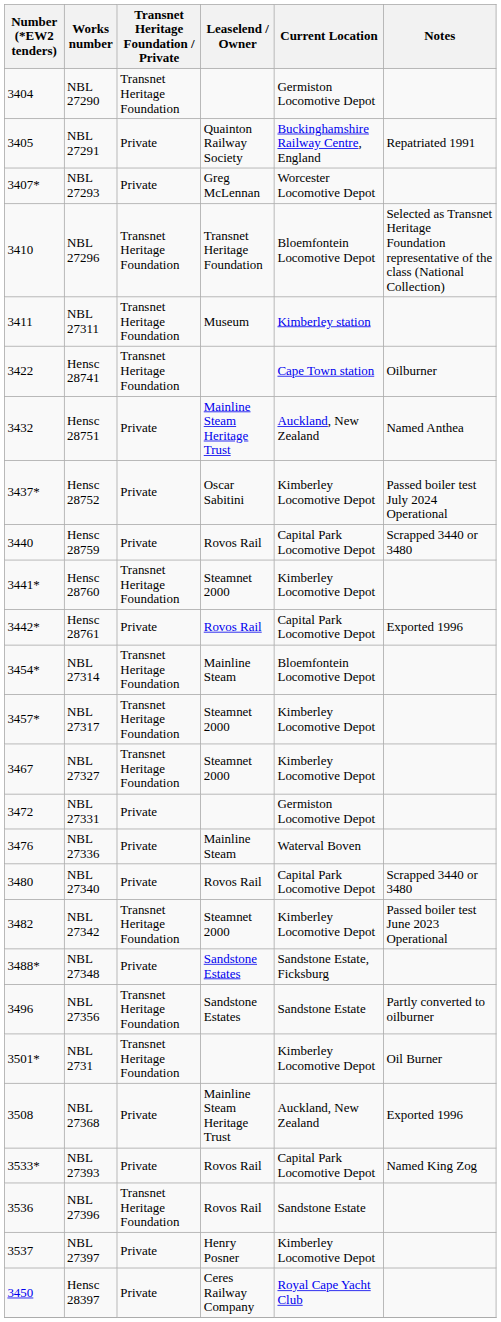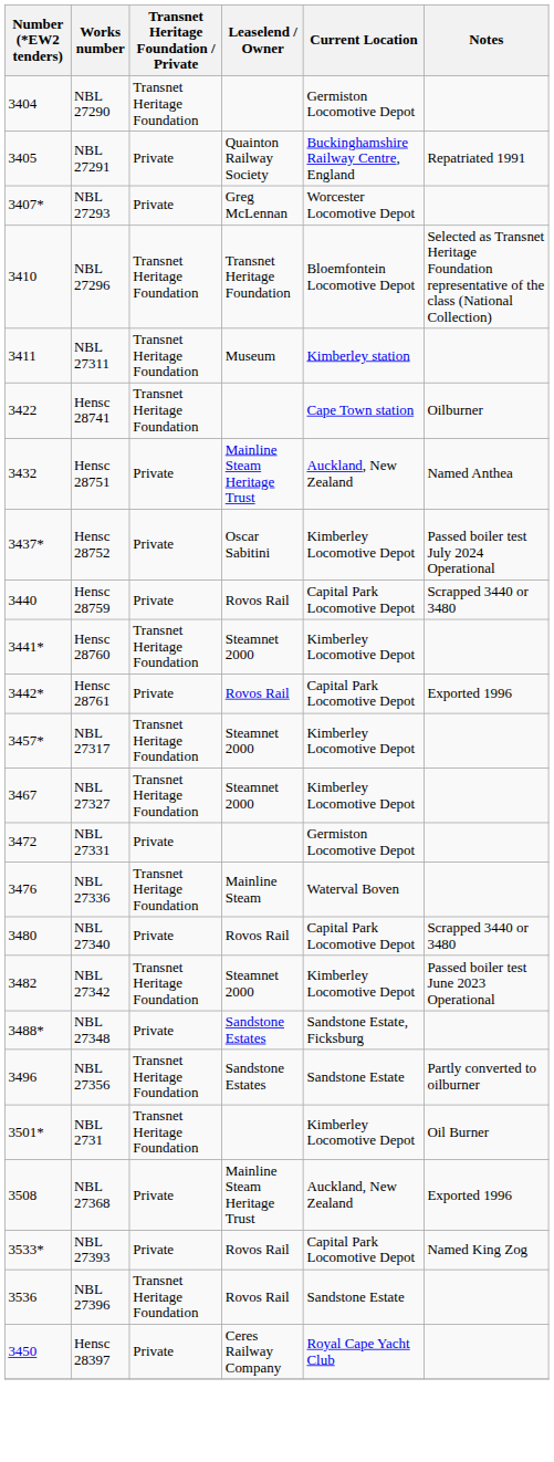 <table class="wikitable">
 <tr>
 <th>Number (*EW2 tenders)</th>
 <th>Works number</th>
 <th>Transnet Heritage Foundation / Private</th>
 <th>Leaselend / Owner</th>
 <th>Current Location</th>
 <th>Notes</th>
 </tr>
 <tr>
 <td>3404</td>
 <td>NBL 27290</td>
 <td>Transnet Heritage Foundation</td>
 <td></td>
 <td>Germiston Locomotive Depot</td>
 <td></td>
 </tr>
 <tr>
 <td>3405</td>
 <td>NBL 27291</td>
 <td>Private</td>
 <td>Quainton Railway Society</td>
 <td><a href='#'>Buckinghamshire Railway Centre</a>, England</td>
 <td>Repatriated 1991</td>
 </tr>
 <tr>
 <td>3407*</td>
 <td>NBL 27293</td>
 <td>Private</td>
 <td>Greg McLennan</td>
 <td>Worcester Locomotive Depot</td>
 <td></td>
 </tr>
 <tr>
 <td>3410</td>
 <td>NBL 27296</td>
 <td>Transnet Heritage Foundation</td>
 <td>Transnet Heritage Foundation</td>
 <td>Bloemfontein Locomotive Depot</td>
 <td>Selected as Transnet Heritage Foundation representative of the class (National Collection)</td>
 </tr>
 <tr>
 <td>3411</td>
 <td>NBL 27311</td>
 <td>Transnet Heritage Foundation</td>
 <td>Museum</td>
 <td><a href='#'>Kimberley station</a></td>
 <td></td>
 </tr>
 <tr>
 <td>3422</td>
 <td>Hensc 28741</td>
 <td>Transnet Heritage Foundation</td>
 <td></td>
 <td><a href='#'> Cape Town station</a></td>
 <td>Oilburner</td>
 </tr>
 <tr>
 <td>3432</td>
 <td>Hensc 28751</td>
 <td>Private</td>
 <td><a href='#'>Mainline Steam Heritage Trust</a></td>
 <td><a href='#'>Auckland</a>, New Zealand</td>
 <td>Named Anthea</td>
 </tr>
 <tr>
 <td>3437*</td>
 <td>Hensc 28752</td>
 <td>Private</td>
 <td>Oscar Sabitini</td>
 <td>Kimberley Locomotive Depot</td>
 <td><br>Passed boiler test July 2024 Operational</td>
 </tr>
 <tr>
 <td>3440</td>
 <td>Hensc 28759</td>
 <td>Private</td>
 <td>Rovos Rail</td>
 <td>Capital Park Locomotive Depot</td>
 <td>Scrapped 3440 or 3480</td>
 </tr>
 <tr>
 <td>3441*</td>
 <td>Hensc 28760</td>
 <td>Transnet Heritage Foundation</td>
 <td>Steamnet 2000</td>
 <td>Kimberley Locomotive Depot</td>
 <td></td>
 </tr>
 <tr>
 <td>3442*</td>
 <td>Hensc 28761</td>
 <td>Private</td>
 <td><a href='#'>Rovos Rail</a></td>
 <td>Capital Park Locomotive Depot</td>
 <td>Exported 1996</td>
 </tr>
 <tr>
-<td>3454*</td>
-<td>NBL 27314</td>
-<td>Transnet Heritage Foundation</td>
-<td>Mainline Steam</td>
-<td>Bloemfontein Locomotive Depot</td>
-<td></td>
-</tr>
-<tr>
 <td>3457*</td>
 <td>NBL 27317</td>
 <td>Transnet Heritage Foundation</td>
 <td>Steamnet 2000</td>
 <td>Kimberley Locomotive Depot</td>
 <td></td>
 </tr>
 <tr>
 <td>3467</td>
 <td>NBL 27327</td>
 <td>Transnet Heritage Foundation</td>
 <td>Steamnet 2000</td>
 <td>Kimberley Locomotive Depot</td>
 <td></td>
 </tr>
 <tr>
 <td>3472</td>
 <td>NBL 27331</td>
 <td>Private</td>
 <td></td>
 <td>Germiston Locomotive Depot</td>
 <td></td>
 </tr>
 <tr>
 <td>3476</td>
 <td>NBL 27336</td>
-<td>Private</td>
+<td>Transnet Heritage Foundation</td>
 <td>Mainline Steam</td>
 <td>Waterval Boven</td>
 <td></td>
 </tr>
 <tr>
 <td>3480</td>
 <td>NBL 27340</td>
 <td>Private</td>
 <td>Rovos Rail</td>
 <td>Capital Park Locomotive Depot</td>
 <td>Scrapped  3440 or 3480</td>
 </tr>
 <tr>
 <td>3482</td>
 <td>NBL 27342</td>
 <td>Transnet Heritage Foundation</td>
 <td>Steamnet 2000</td>
 <td>Kimberley Locomotive Depot</td>
 <td>Passed boiler test June 2023<br>Operational</td>
 </tr>
 <tr>
 <td>3488*</td>
 <td>NBL 27348</td>
 <td>Private</td>
 <td><a href='#'>Sandstone Estates</a></td>
 <td>Sandstone Estate, Ficksburg</td>
 <td></td>
 </tr>
 <tr>
 <td>3496</td>
 <td>NBL 27356</td>
 <td>Transnet Heritage Foundation</td>
 <td>Sandstone Estates</td>
 <td>Sandstone Estate</td>
 <td>Partly converted to oilburner</td>
 </tr>
 <tr>
 <td>3501*</td>
 <td>NBL 2731</td>
 <td>Transnet Heritage Foundation</td>
 <td></td>
 <td>Kimberley Locomotive Depot</td>
 <td>Oil Burner</td>
 </tr>
 <tr>
 <td>3508</td>
 <td>NBL 27368</td>
 <td>Private</td>
 <td>Mainline Steam Heritage Trust</td>
 <td>Auckland, New Zealand</td>
 <td>Exported 1996</td>
 </tr>
 <tr>
 <td>3533*</td>
 <td>NBL 27393</td>
 <td>Private</td>
 <td>Rovos Rail</td>
 <td>Capital Park Locomotive Depot</td>
 <td>Named King Zog</td>
 </tr>
 <tr>
 <td>3536</td>
 <td>NBL 27396</td>
 <td>Transnet Heritage Foundation</td>
 <td>Rovos Rail</td>
 <td>Sandstone Estate</td>
 <td></td>
 </tr>
 <tr>
-<td>3537</td>
-<td>NBL 27397</td>
-<td>Private</td>
-<td>Henry Posner</td>
-<td>Kimberley Locomotive Depot</td>
-<td></td>
-</tr>
-<tr>
 <td><a href='#'>3450</a></td>
 <td>Hensc 28397</td>
 <td>Private</td>
 <td>Ceres Railway Company</td>
 <td><a href='#'>Royal Cape Yacht Club</a></td>
 <td></td>
 </tr>
 <tr>
 </tr>
 </table>
